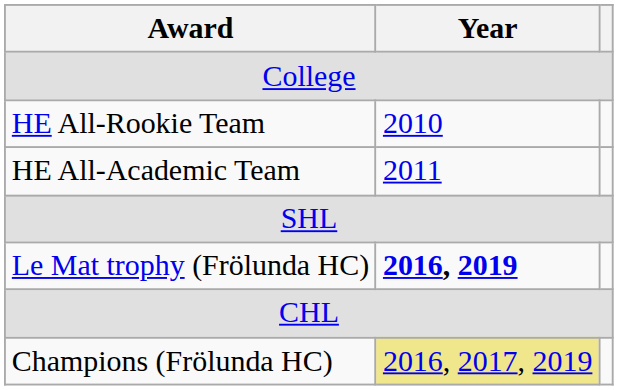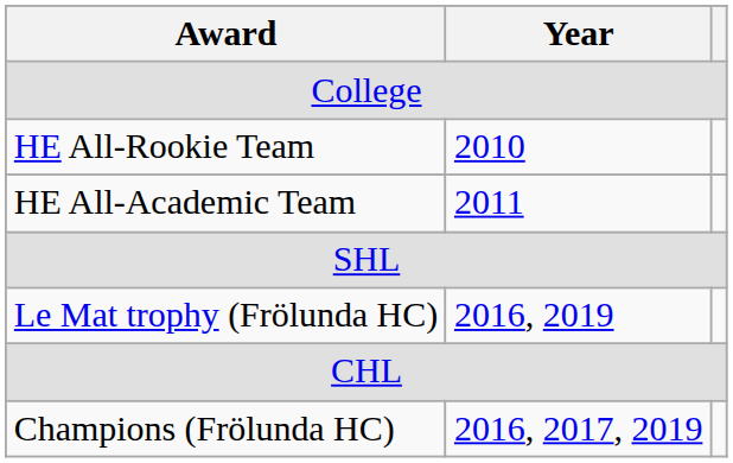 <table class="wikitable">
 <tr>
 <th>Award</th>
 <th>Year</th>
 <th></th>
 </tr>
 <tr ALIGN="center" bgcolor="#e0e0e0">
 <td colspan="3"><a href='#'>College</a></td>
 </tr>
 <tr>
 <td><a href='#'>HE</a> All-Rookie Team</td>
 <td><a href='#'>2010</a></td>
 <td></td>
 </tr>
 <tr>
 <td>HE All-Academic Team</td>
 <td><a href='#'>2011</a></td>
 <td></td>
 </tr>
 <tr ALIGN="center" bgcolor="#e0e0e0">
 <td colspan="3"><a href='#'>SHL</a></td>
 </tr>
 <tr>
 <td><a href='#'>Le Mat trophy</a> (Frölunda HC)</td>
-<td><strong><a href='#'>2016</a>, <a href='#'>2019</a></strong></td>
+<td><a href='#'>2016</a>, <a href='#'>2019</a></td>
 <td></td>
 </tr>
 <tr ALIGN="center" bgcolor="#e0e0e0">
 <td colspan="3"><a href='#'>CHL</a></td>
 </tr>
 <tr>
 <td>Champions (Frölunda HC)</td>
-<td style="background: khaki;"><a href='#'>2016</a>, <a href='#'>2017</a>, <a href='#'>2019</a></td>
+<td><a href='#'>2016</a>, <a href='#'>2017</a>, <a href='#'>2019</a></td>
 <td></td>
 </tr>
 </table>
